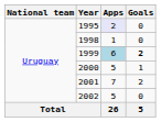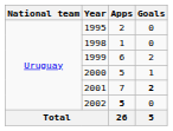 <table class="wikitable" style="text-align:center">
 <tr>
 <th>National team</th>
 <th>Year</th>
 <th>Apps</th>
 <th>Goals</th>
 </tr>
 <tr>
 <td rowspan=6><a href='#'>Uruguay</a></td>
 <td>1995</td>
-<td style="background: lavender;">2</td>
+<td>2</td>
 <td>0</td>
 </tr>
 <tr>
 <td>1998</td>
 <td>1</td>
 <td>0</td>
 </tr>
 <tr>
 <td>1999</td>
-<td style="background: lightblue;">6</td>
-<td><strong>2</strong></td>
+<td>6</td>
+<td>2</td>
 </tr>
 <tr>
 <td>2000</td>
 <td>5</td>
 <td>1</td>
 </tr>
 <tr>
 <td>2001</td>
 <td>7</td>
-<td>2</td>
+<td><strong>2</strong></td>
 </tr>
 <tr>
 <td>2002</td>
-<td>5</td>
+<td><strong>5</strong></td>
 <td>0</td>
 </tr>
 <tr>
 <th colspan=2>Total</th>
 <th>26</th>
 <th>5</th>
 </tr>
 </table>
